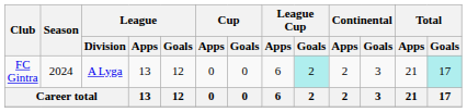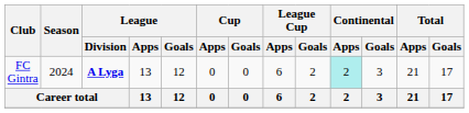 <table class="wikitable" style="text-align:center">
 <tr>
 <th rowspan="2">Club</th>
 <th rowspan="2">Season</th>
 <th colspan="3">League</th>
 <th colspan="2">Cup</th>
 <th colspan="2">League Cup</th>
 <th colspan="2">Continental</th>
 <th colspan="2">Total</th>
 </tr>
 <tr>
 <th>Division</th>
 <th>Apps</th>
 <th>Goals</th>
 <th>Apps</th>
 <th>Goals</th>
 <th>Apps</th>
 <th>Goals</th>
 <th>Apps</th>
 <th>Goals</th>
 <th>Apps</th>
 <th>Goals</th>
 </tr>
 <tr>
 <td><a href='#'>FC Gintra</a></td>
 <td>2024</td>
-<td><a href='#'>A Lyga</a></td>
+<td><strong><a href='#'>A Lyga</a></strong></td>
 <td>13</td>
 <td>12</td>
 <td>0</td>
 <td>0</td>
 <td>6</td>
+<td>2</td>
 <td style="background: paleturquoise;">2</td>
-<td>2</td>
 <td>3</td>
 <td>21</td>
-<td style="background: paleturquoise;">17</td>
+<td>17</td>
 </tr>
 <tr>
 <th colspan="3">Career total</th>
 <th>13</th>
 <th>12</th>
 <th>0</th>
 <th>0</th>
 <th>6</th>
 <th>2</th>
 <th>2</th>
 <th>3</th>
 <th>21</th>
 <th>17</th>
 </tr>
 <tr>
 </tr>
 </table>
